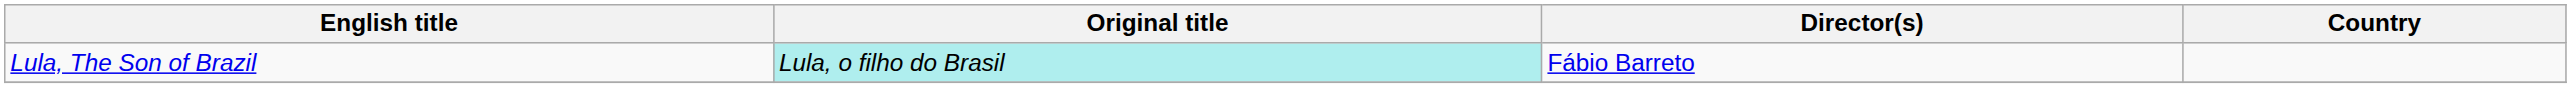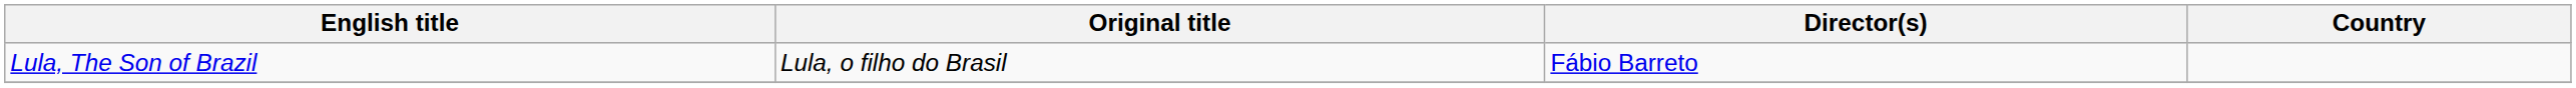 <table class="sortable wikitable" width="85%" cellpadding="5">
 <tr>
 <th width="30%">English title</th>
 <th width="30%">Original title</th>
 <th width="25%">Director(s)</th>
 <th width="15%">Country</th>
 </tr>
 <tr>
 <td><em><a href='#'>Lula, The Son of Brazil</a></em></td>
-<td style="background: paleturquoise;"><em>Lula, o filho do Brasil</em></td>
+<td><em>Lula, o filho do Brasil</em></td>
 <td><a href='#'>Fábio Barreto</a></td>
 <td></td>
 </tr>
 <tr>
 </tr>
 </table>
